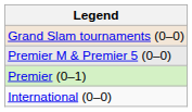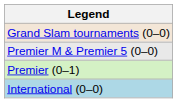 <table class="wikitable" style="font-size:90%">
 <tr>
 <th>Legend</th>
 </tr>
 <tr>
 <td style="background:#f3e6d7;"><a href='#'>Grand Slam tournaments</a> (0–0)</td>
 </tr>
 <tr>
 <td style="background:#e9e9e9;"><a href='#'>Premier M & Premier 5</a> (0–0)</td>
 </tr>
 <tr>
 <td style="background:#d4f1c5;"><a href='#'>Premier</a> (0–1)</td>
 </tr>
 <tr>
-<td><a href='#'>International</a> (0–0)</td>
+<td style="background: lightblue;"><a href='#'>International</a> (0–0)</td>
 </tr>
 </table>
